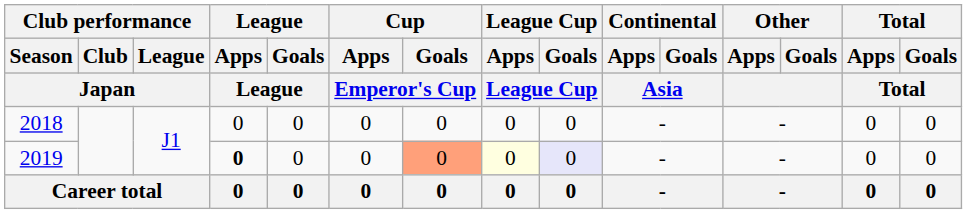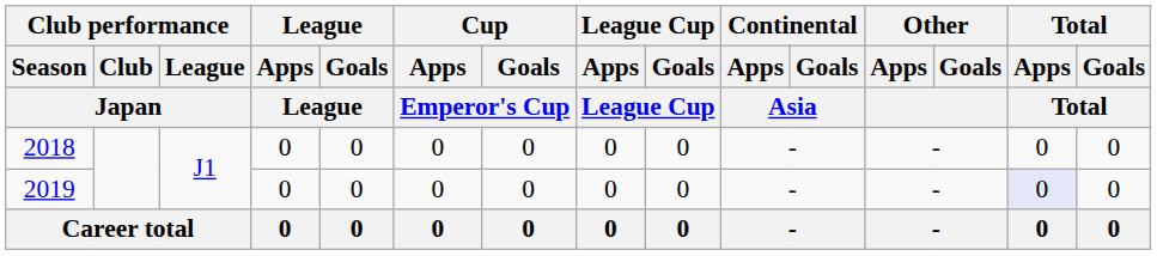 <table class="wikitable" style="text-align:center">
 <tr>
 <th colspan=3>Club performance</th>
 <th colspan=2>League</th>
 <th colspan=2>Cup</th>
 <th colspan=2>League Cup</th>
 <th colspan=2>Continental</th>
 <th colspan=2>Other</th>
 <th colspan=2>Total</th>
 </tr>
 <tr>
 <th>Season</th>
 <th>Club</th>
 <th>League</th>
 <th>Apps</th>
 <th>Goals</th>
 <th>Apps</th>
 <th>Goals</th>
 <th>Apps</th>
 <th>Goals</th>
 <th>Apps</th>
 <th>Goals</th>
 <th>Apps</th>
 <th>Goals</th>
 <th>Apps</th>
 <th>Goals</th>
 </tr>
 <tr>
 <th colspan=3>Japan</th>
 <th colspan=2>League</th>
 <th colspan=2><a href='#'>Emperor's Cup</a></th>
 <th colspan=2><a href='#'>League Cup</a></th>
 <th colspan=2><a href='#'>Asia</a></th>
 <th colspan=2></th>
 <th colspan=2>Total</th>
 </tr>
 <tr>
 <td><a href='#'>2018</a></td>
 <td rowspan="2"></td>
 <td rowspan="2"><a href='#'>J1</a></td>
 <td>0</td>
 <td>0</td>
 <td>0</td>
 <td>0</td>
 <td>0</td>
 <td>0</td>
 <td colspan="2">-</td>
 <td colspan="2">-</td>
 <td>0</td>
 <td>0</td>
 </tr>
 <tr>
 <td><a href='#'>2019</a></td>
-<td><strong>0</strong></td>
 <td>0</td>
 <td>0</td>
-<td style="background: lightsalmon;">0</td>
-<td style="background: lightyellow;">0</td>
-<td style="background: lavender;">0</td>
+<td>0</td>
+<td>0</td>
+<td>0</td>
+<td>0</td>
 <td colspan="2">-</td>
 <td colspan="2">-</td>
-<td>0</td>
+<td style="background: lavender;">0</td>
 <td>0</td>
 </tr>
 <tr>
 <th colspan=3>Career total</th>
 <th>0</th>
 <th>0</th>
 <th>0</th>
 <th>0</th>
 <th>0</th>
 <th>0</th>
 <th colspan="2">-</th>
 <th colspan="2">-</th>
 <th>0</th>
 <th>0</th>
 </tr>
 </table>
